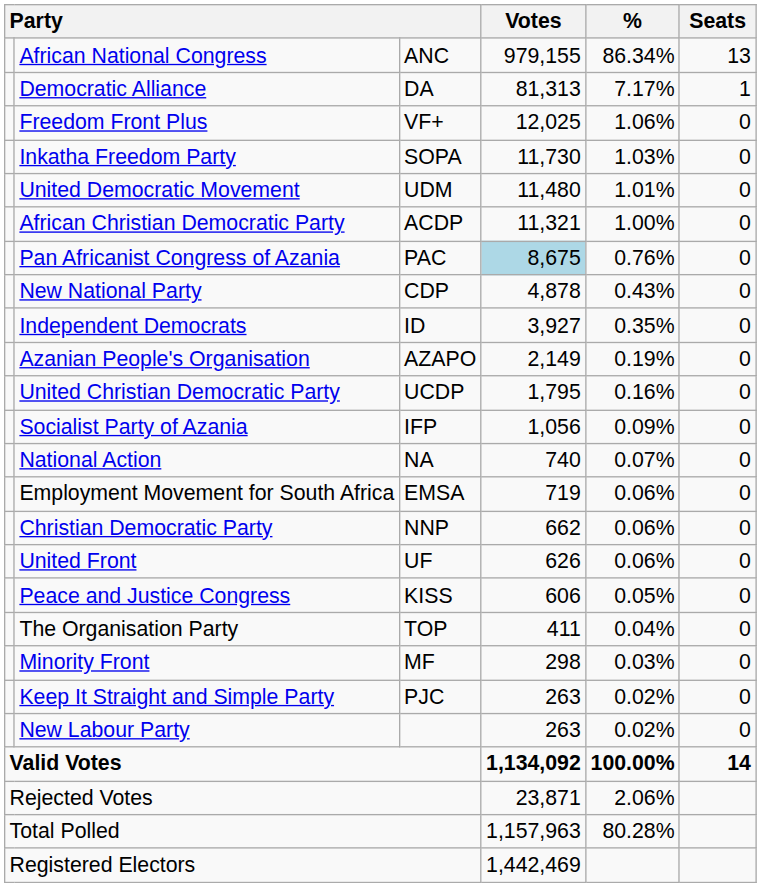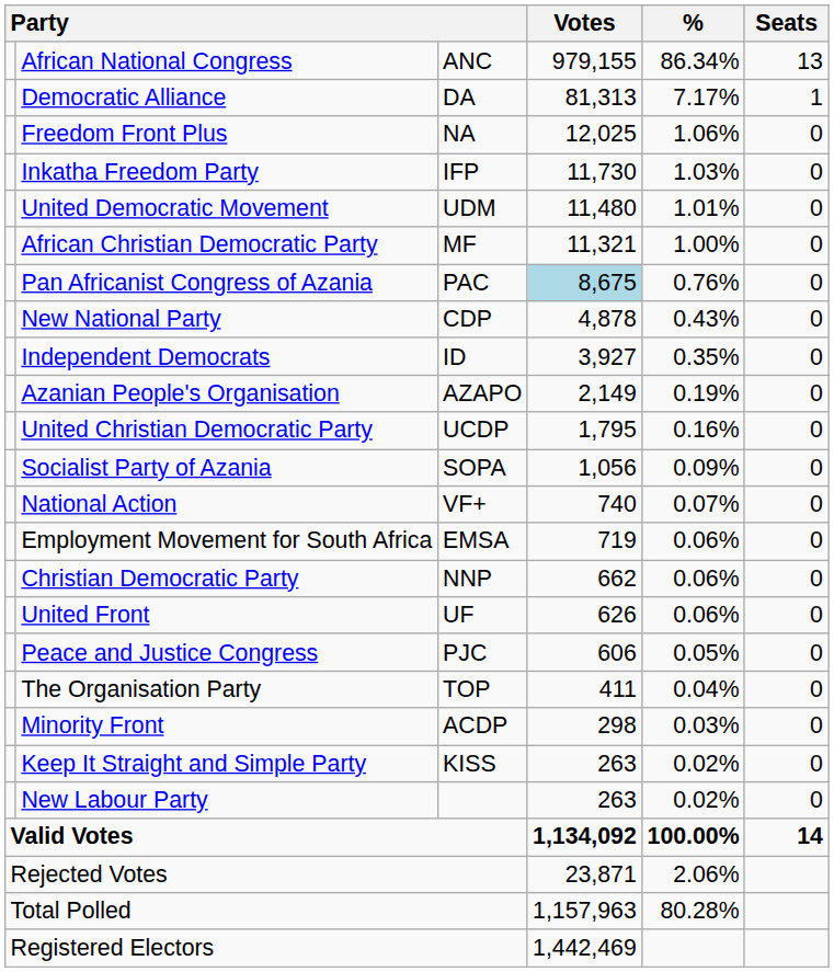 <table class="wikitable" border="1" style="text-align:right;">
 <tr>
 <th style="text-align:left;" colspan=3>Party</th>
 <th align=center width="50">Votes</th>
 <th align=center width="50">%</th>
 <th align=center width="50">Seats</th>
 </tr>
 <tr>
 <td style="background:"></td>
 <td align=left><a href='#'>African National Congress</a></td>
 <td align=left>ANC</td>
 <td>979,155</td>
 <td>86.34%</td>
 <td>13</td>
 </tr>
 <tr>
 <td style="background:"></td>
 <td align=left><a href='#'>Democratic Alliance</a></td>
 <td align=left>DA</td>
 <td>81,313</td>
 <td>7.17%</td>
 <td>1</td>
 </tr>
 <tr>
 <td style="background:"></td>
 <td align=left><a href='#'>Freedom Front Plus</a></td>
-<td align=left>VF+</td>
+<td align=left>NA</td>
 <td>12,025</td>
 <td>1.06%</td>
 <td>0</td>
 </tr>
 <tr>
 <td style="background:"></td>
 <td align=left><a href='#'>Inkatha Freedom Party</a></td>
-<td align=left>SOPA</td>
+<td align=left>IFP</td>
 <td>11,730</td>
 <td>1.03%</td>
 <td>0</td>
 </tr>
 <tr>
 <td style="background:"></td>
 <td align=left><a href='#'>United Democratic Movement</a></td>
 <td align=left>UDM</td>
 <td>11,480</td>
 <td>1.01%</td>
 <td>0</td>
 </tr>
 <tr>
 <td style="background:"></td>
 <td align=left><a href='#'>African Christian Democratic Party</a></td>
-<td align=left>ACDP</td>
+<td align=left>MF</td>
 <td>11,321</td>
 <td>1.00%</td>
 <td>0</td>
 </tr>
 <tr>
 <td style="background:"></td>
 <td align=left><a href='#'>Pan Africanist Congress of Azania</a></td>
 <td align=left>PAC</td>
 <td style="background: lightblue;">8,675</td>
 <td>0.76%</td>
 <td>0</td>
 </tr>
 <tr>
 <td style="background:"></td>
 <td align=left><a href='#'>New National Party</a></td>
 <td align=left>CDP</td>
 <td>4,878</td>
 <td>0.43%</td>
 <td>0</td>
 </tr>
 <tr>
 <td style="background:"></td>
 <td align=left><a href='#'>Independent Democrats</a></td>
 <td align=left>ID</td>
 <td>3,927</td>
 <td>0.35%</td>
 <td>0</td>
 </tr>
 <tr>
 <td style="background:"></td>
 <td align=left><a href='#'>Azanian People's Organisation</a></td>
 <td align=left>AZAPO</td>
 <td>2,149</td>
 <td>0.19%</td>
 <td>0</td>
 </tr>
 <tr>
 <td style="background:"></td>
 <td align=left><a href='#'>United Christian Democratic Party</a></td>
 <td align=left>UCDP</td>
 <td>1,795</td>
 <td>0.16%</td>
 <td>0</td>
 </tr>
 <tr>
 <td style="background:"></td>
 <td align=left><a href='#'>Socialist Party of Azania</a></td>
-<td align=left>IFP</td>
+<td align=left>SOPA</td>
 <td>1,056</td>
 <td>0.09%</td>
 <td>0</td>
 </tr>
 <tr>
 <td></td>
 <td align=left><a href='#'>National Action</a></td>
-<td align=left>NA</td>
+<td align=left>VF+</td>
 <td>740</td>
 <td>0.07%</td>
 <td>0</td>
 </tr>
 <tr>
 <td></td>
 <td align=left>Employment Movement for South Africa</td>
 <td align=left>EMSA</td>
 <td>719</td>
 <td>0.06%</td>
 <td>0</td>
 </tr>
 <tr>
 <td style="background:"></td>
 <td align=left><a href='#'>Christian Democratic Party</a></td>
 <td align=left>NNP</td>
 <td>662</td>
 <td>0.06%</td>
 <td>0</td>
 </tr>
 <tr>
 <td></td>
 <td align=left><a href='#'>United Front</a></td>
 <td align=left>UF</td>
 <td>626</td>
 <td>0.06%</td>
 <td>0</td>
 </tr>
 <tr>
 <td></td>
 <td align=left><a href='#'>Peace and Justice Congress</a></td>
-<td align=left>KISS</td>
+<td align=left>PJC</td>
 <td>606</td>
 <td>0.05%</td>
 <td>0</td>
 </tr>
 <tr>
 <td></td>
 <td align=left>The Organisation Party</td>
 <td align=left>TOP</td>
 <td>411</td>
 <td>0.04%</td>
 <td>0</td>
 </tr>
 <tr>
 <td style="background:"></td>
 <td align=left><a href='#'>Minority Front</a></td>
-<td align=left>MF</td>
+<td align=left>ACDP</td>
 <td>298</td>
 <td>0.03%</td>
 <td>0</td>
 </tr>
 <tr>
 <td style="background:"></td>
 <td align=left><a href='#'>Keep It Straight and Simple Party</a></td>
-<td align=left>PJC</td>
+<td align=left>KISS</td>
 <td>263</td>
 <td>0.02%</td>
 <td>0</td>
 </tr>
 <tr>
 <td></td>
 <td align=left><a href='#'>New Labour Party</a></td>
 <td align=left></td>
 <td>263</td>
 <td>0.02%</td>
 <td>0</td>
 </tr>
 <tr style="font-weight:bold">
 <td align=left colspan=3>Valid Votes</td>
 <td>1,134,092</td>
 <td>100.00%</td>
 <td>14</td>
 </tr>
 <tr>
 <td align=left colspan=3>Rejected Votes</td>
 <td>23,871</td>
 <td>2.06%</td>
 <td></td>
 </tr>
 <tr>
 <td align=left colspan=3>Total Polled</td>
 <td>1,157,963</td>
 <td>80.28%</td>
 <td></td>
 </tr>
 <tr>
 <td align=left colspan=3>Registered Electors</td>
 <td>1,442,469</td>
 <td></td>
 <td></td>
 </tr>
 </table>
